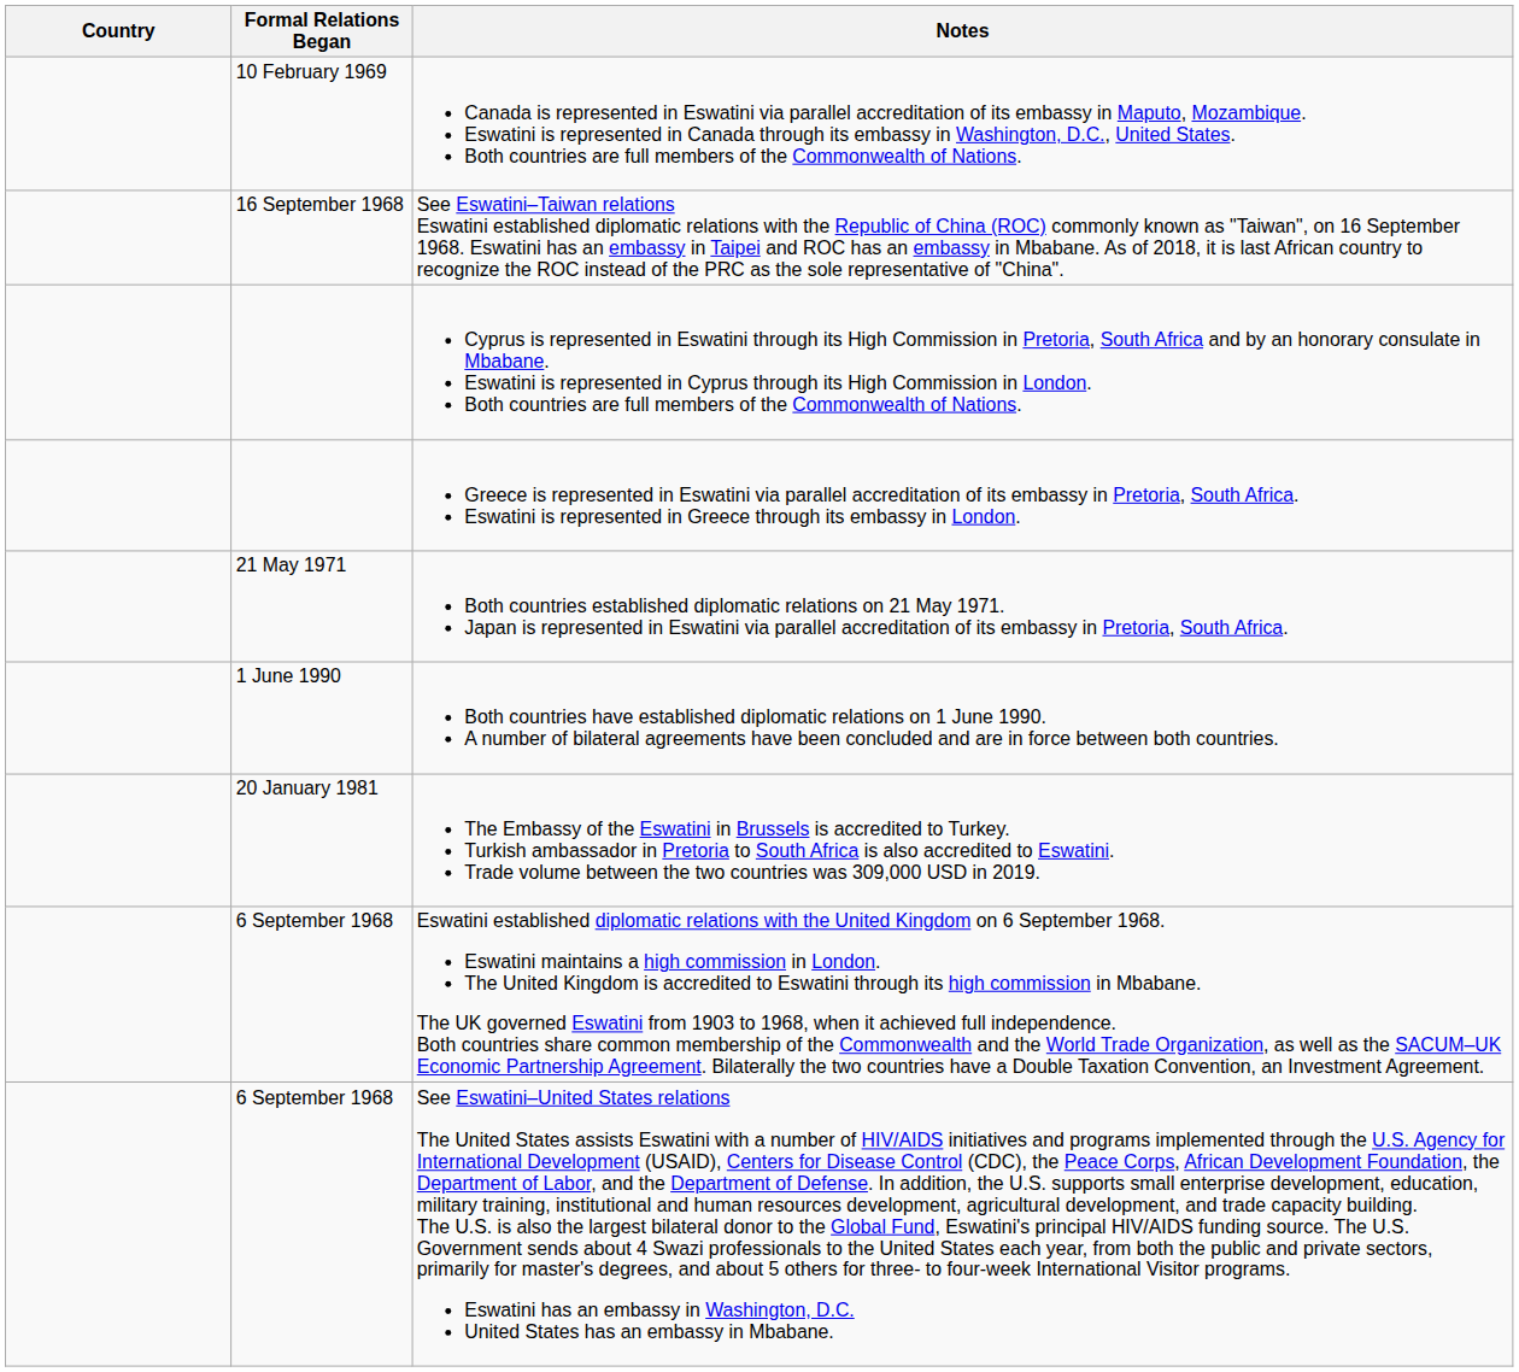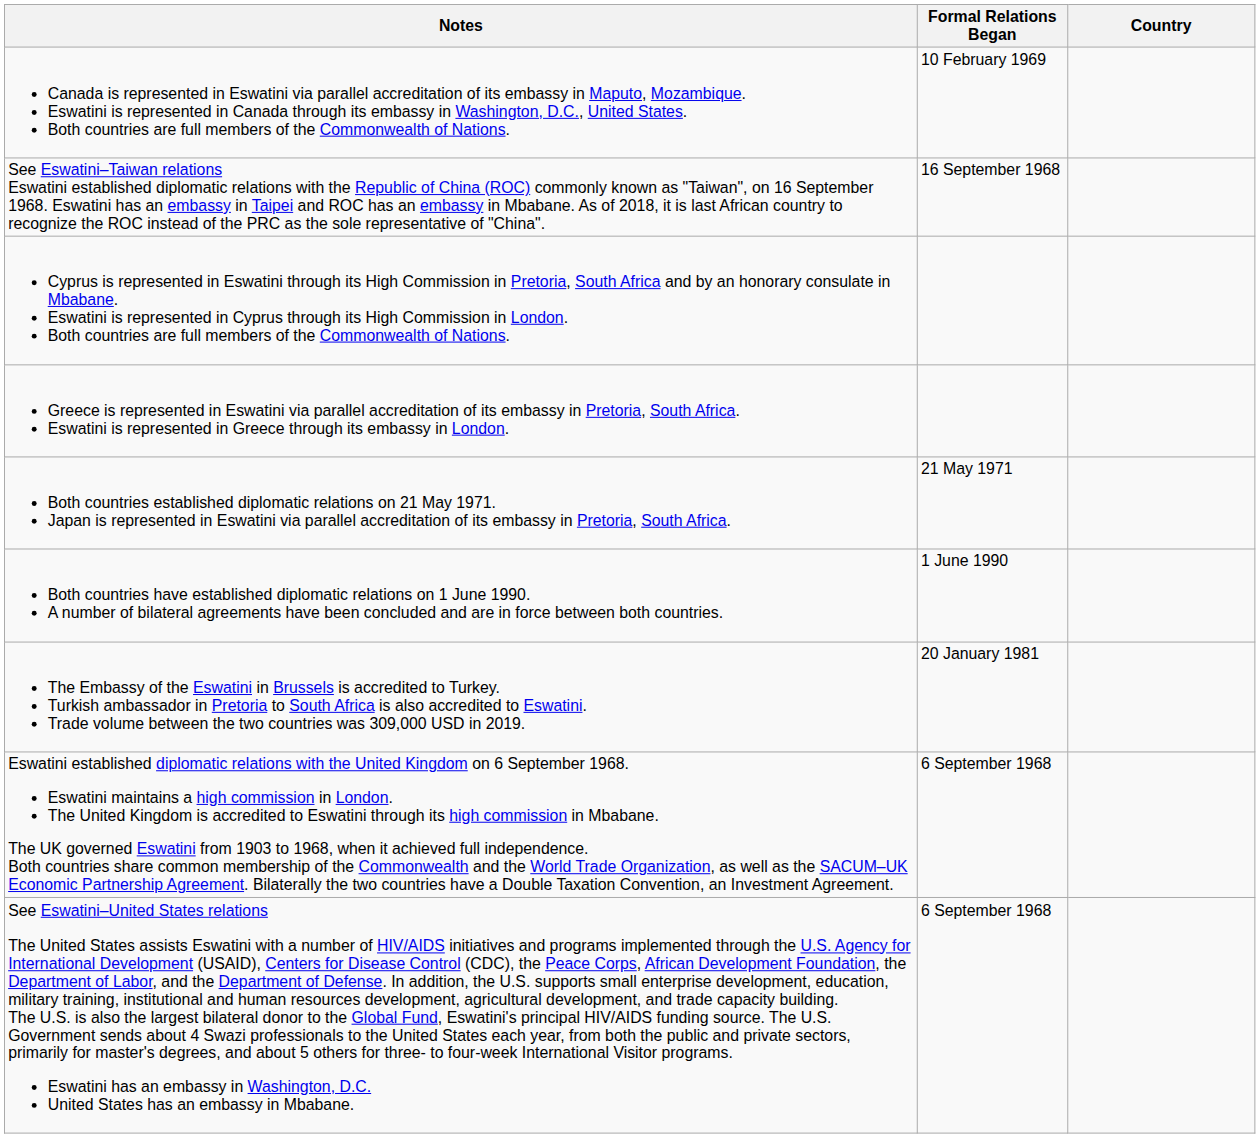 <table class="wikitable sortable" style="width:100%; margin:auto;">
 <tr>
+<th>Notes</th>
+<th style="width:12%;">Formal Relations Began</th>
 <th style="width:15%;">Country</th>
-<th style="width:12%;">Formal Relations Began</th>
-<th>Notes</th>
 </tr>
 <tr valign="top">
+<td><br><ul><li>Canada is represented in Eswatini via parallel accreditation of its embassy in <a href='#'>Maputo</a>, <a href='#'>Mozambique</a>.</li><li>Eswatini is represented in Canada through its embassy in <a href='#'>Washington, D.C.</a>, <a href='#'>United States</a>.</li><li>Both countries are full members of the <a href='#'>Commonwealth of Nations</a>.</li></ul></td>
+<td>10 February 1969</td>
 <td></td>
-<td>10 February 1969</td>
-<td><br><ul><li>Canada is represented in Eswatini via parallel accreditation of its embassy in <a href='#'>Maputo</a>, <a href='#'>Mozambique</a>.</li><li>Eswatini is represented in Canada through its embassy in <a href='#'>Washington, D.C.</a>, <a href='#'>United States</a>.</li><li>Both countries are full members of the <a href='#'>Commonwealth of Nations</a>.</li></ul></td>
 </tr>
 <tr valign="top">
+<td>See <a href='#'>Eswatini–Taiwan relations</a><br>Eswatini established diplomatic relations with the <a href='#'>Republic of China (ROC)</a> commonly known as "Taiwan", on 16 September 1968. Eswatini has an <a href='#'>embassy</a> in <a href='#'>Taipei</a> and ROC has an <a href='#'>embassy</a> in Mbabane. As of 2018, it is last African country to recognize the ROC instead of the PRC as the sole representative of "China".</td>
+<td>16 September 1968</td>
 <td></td>
-<td>16 September 1968</td>
-<td>See <a href='#'>Eswatini–Taiwan relations</a><br>Eswatini established diplomatic relations with the <a href='#'>Republic of China (ROC)</a> commonly known as "Taiwan", on 16 September 1968. Eswatini has an <a href='#'>embassy</a> in <a href='#'>Taipei</a> and ROC has an <a href='#'>embassy</a> in Mbabane. As of 2018, it is last African country to recognize the ROC instead of the PRC as the sole representative of "China".</td>
 </tr>
 <tr valign="top">
+<td><br><ul><li>Cyprus is represented in Eswatini through its High Commission in <a href='#'>Pretoria</a>, <a href='#'>South Africa</a> and by an honorary consulate in <a href='#'>Mbabane</a>.</li><li>Eswatini is represented in Cyprus through its High Commission in <a href='#'>London</a>.</li><li>Both countries are full members of the <a href='#'>Commonwealth of Nations</a>.</li></ul></td>
 <td></td>
 <td></td>
-<td><br><ul><li>Cyprus is represented in Eswatini through its High Commission in <a href='#'>Pretoria</a>, <a href='#'>South Africa</a> and by an honorary consulate in <a href='#'>Mbabane</a>.</li><li>Eswatini is represented in Cyprus through its High Commission in <a href='#'>London</a>.</li><li>Both countries are full members of the <a href='#'>Commonwealth of Nations</a>.</li></ul></td>
 </tr>
 <tr valign="top">
+<td><br><ul><li>Greece is represented in Eswatini via parallel accreditation of its embassy in <a href='#'>Pretoria</a>, <a href='#'>South Africa</a>.</li><li>Eswatini is represented in Greece through its embassy in <a href='#'>London</a>.</li></ul></td>
 <td></td>
 <td></td>
-<td><br><ul><li>Greece is represented in Eswatini via parallel accreditation of its embassy in <a href='#'>Pretoria</a>, <a href='#'>South Africa</a>.</li><li>Eswatini is represented in Greece through its embassy in <a href='#'>London</a>.</li></ul></td>
 </tr>
 <tr valign="top">
+<td><br><ul><li>Both countries established diplomatic relations on 21 May 1971.</li><li>Japan is represented in Eswatini via parallel accreditation of its embassy in <a href='#'>Pretoria</a>, <a href='#'>South Africa</a>.</li></ul></td>
+<td>21 May 1971</td>
 <td></td>
-<td>21 May 1971</td>
-<td><br><ul><li>Both countries established diplomatic relations on 21 May 1971.</li><li>Japan is represented in Eswatini via parallel accreditation of its embassy in <a href='#'>Pretoria</a>, <a href='#'>South Africa</a>.</li></ul></td>
 </tr>
 <tr valign="top">
+<td><br><ul><li>Both countries have established diplomatic relations on 1 June 1990.</li><li>A number of bilateral agreements have been concluded and are in force between both countries.</li></ul></td>
+<td>1 June 1990</td>
 <td></td>
-<td>1 June 1990</td>
-<td><br><ul><li>Both countries have established diplomatic relations on 1 June 1990.</li><li>A number of bilateral agreements have been concluded and are in force between both countries.</li></ul></td>
 </tr>
 <tr valign="top">
+<td><br><ul><li>The Embassy of the <a href='#'>Eswatini</a> in <a href='#'>Brussels</a> is accredited to Turkey.</li><li>Turkish ambassador in <a href='#'>Pretoria</a> to <a href='#'>South Africa</a> is also accredited to <a href='#'>Eswatini</a>.</li><li>Trade volume between the two countries was 309,000 USD in 2019.</li></ul></td>
+<td>20 January 1981</td>
 <td></td>
-<td>20 January 1981</td>
-<td><br><ul><li>The Embassy of the <a href='#'>Eswatini</a> in <a href='#'>Brussels</a> is accredited to Turkey.</li><li>Turkish ambassador in <a href='#'>Pretoria</a> to <a href='#'>South Africa</a> is also accredited to <a href='#'>Eswatini</a>.</li><li>Trade volume between the two countries was 309,000 USD in 2019.</li></ul></td>
 </tr>
 <tr valign="top">
+<td>Eswatini established <a href='#'>diplomatic relations with the United Kingdom</a> on 6 September 1968.<br><ul><li>Eswatini maintains a <a href='#'>high commission</a> in <a href='#'>London</a>.</li><li>The United Kingdom is accredited to Eswatini through its <a href='#'>high commission</a> in Mbabane.</li></ul>The UK governed <a href='#'>Eswatini</a> from 1903 to 1968, when it achieved full independence.<br>Both countries share common membership of the <a href='#'>Commonwealth</a> and the <a href='#'>World Trade Organization</a>, as well as the <a href='#'>SACUM–UK Economic Partnership Agreement</a>.  Bilaterally the two countries have a Double Taxation Convention, an Investment Agreement.</td>
+<td>6 September 1968</td>
 <td></td>
-<td>6 September 1968</td>
-<td>Eswatini established <a href='#'>diplomatic relations with the United Kingdom</a> on 6 September 1968.<br><ul><li>Eswatini maintains a <a href='#'>high commission</a> in <a href='#'>London</a>.</li><li>The United Kingdom is accredited to Eswatini through its <a href='#'>high commission</a> in Mbabane.</li></ul>The UK governed <a href='#'>Eswatini</a> from 1903 to 1968, when it achieved full independence.<br>Both countries share common membership of the <a href='#'>Commonwealth</a> and the <a href='#'>World Trade Organization</a>, as well as the <a href='#'>SACUM–UK Economic Partnership Agreement</a>.  Bilaterally the two countries have a Double Taxation Convention, an Investment Agreement.</td>
 </tr>
 <tr valign="top">
+<td>See <a href='#'>Eswatini–United States relations</a><br><br>The United States assists Eswatini with a number of <a href='#'>HIV/AIDS</a> initiatives and programs implemented through the <a href='#'>U.S. Agency for International Development</a> (USAID), <a href='#'>Centers for Disease Control</a> (CDC), the <a href='#'>Peace Corps</a>, <a href='#'>African Development Foundation</a>, the <a href='#'>Department of Labor</a>, and the <a href='#'>Department of Defense</a>. In addition, the U.S. supports small enterprise development, education, military training, institutional and human resources development, agricultural development, and trade capacity building.<br>The U.S. is also the largest bilateral donor to the <a href='#'>Global Fund</a>, Eswatini's principal HIV/AIDS funding source. The U.S. Government sends about 4 Swazi professionals to the United States each year, from both the public and private sectors, primarily for master's degrees, and about 5 others for three- to four-week International Visitor programs.<ul><li>Eswatini has an embassy in <a href='#'>Washington, D.C.</a></li><li>United States has an embassy in Mbabane.</li></ul></td>
+<td>6 September 1968</td>
 <td></td>
-<td>6 September 1968</td>
-<td>See <a href='#'>Eswatini–United States relations</a><br><br>The United States assists Eswatini with a number of <a href='#'>HIV/AIDS</a> initiatives and programs implemented through the <a href='#'>U.S. Agency for International Development</a> (USAID), <a href='#'>Centers for Disease Control</a> (CDC), the <a href='#'>Peace Corps</a>, <a href='#'>African Development Foundation</a>, the <a href='#'>Department of Labor</a>, and the <a href='#'>Department of Defense</a>. In addition, the U.S. supports small enterprise development, education, military training, institutional and human resources development, agricultural development, and trade capacity building.<br>The U.S. is also the largest bilateral donor to the <a href='#'>Global Fund</a>, Eswatini's principal HIV/AIDS funding source. The U.S. Government sends about 4 Swazi professionals to the United States each year, from both the public and private sectors, primarily for master's degrees, and about 5 others for three- to four-week International Visitor programs.<ul><li>Eswatini has an embassy in <a href='#'>Washington, D.C.</a></li><li>United States has an embassy in Mbabane.</li></ul></td>
 </tr>
 </table>
